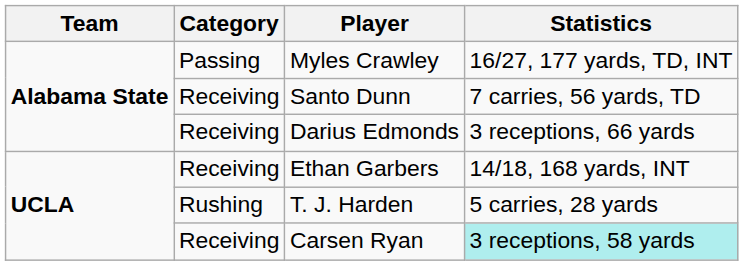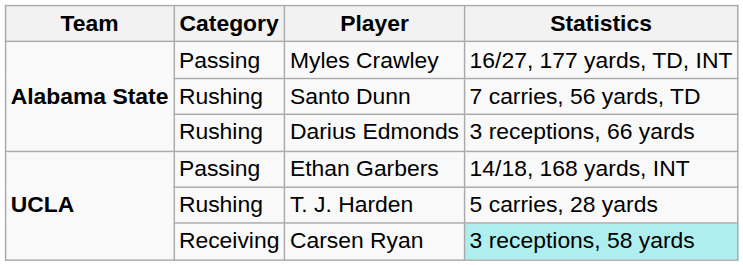 <table class="wikitable" style="float: right;">
 <tr>
 <th>Team</th>
 <th>Category</th>
 <th>Player</th>
 <th>Statistics</th>
 </tr>
 <tr>
 <td rowspan=3><strong>Alabama State</strong></td>
 <td>Passing</td>
 <td>Myles Crawley</td>
 <td>16/27, 177 yards, TD, INT</td>
 </tr>
 <tr>
-<td>Receiving</td>
+<td>Rushing</td>
 <td>Santo Dunn</td>
 <td>7 carries, 56 yards, TD</td>
 </tr>
 <tr>
-<td>Receiving</td>
+<td>Rushing</td>
 <td>Darius Edmonds</td>
 <td>3 receptions, 66 yards</td>
 </tr>
 <tr>
 <td rowspan=3><strong>UCLA</strong></td>
-<td>Receiving</td>
+<td>Passing</td>
 <td>Ethan Garbers</td>
 <td>14/18, 168 yards, INT</td>
 </tr>
 <tr>
 <td>Rushing</td>
 <td>T. J. Harden</td>
 <td>5 carries, 28 yards</td>
 </tr>
 <tr>
 <td>Receiving</td>
 <td>Carsen Ryan</td>
 <td style="background: paleturquoise;">3 receptions, 58 yards</td>
 </tr>
 </table>
